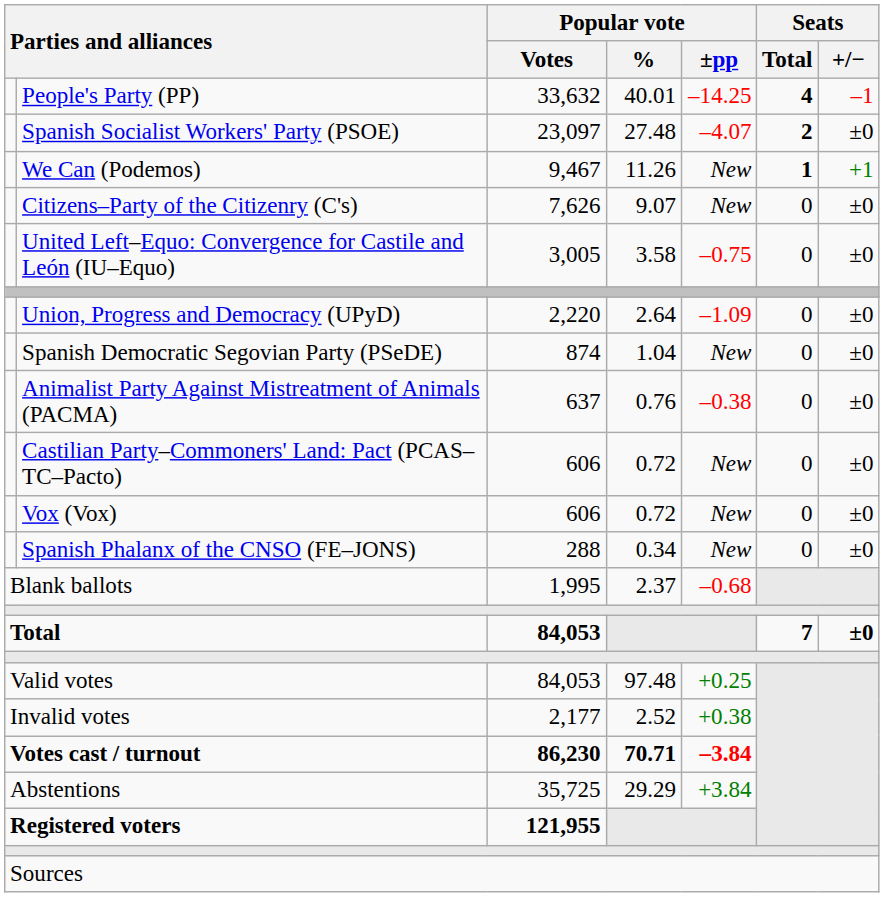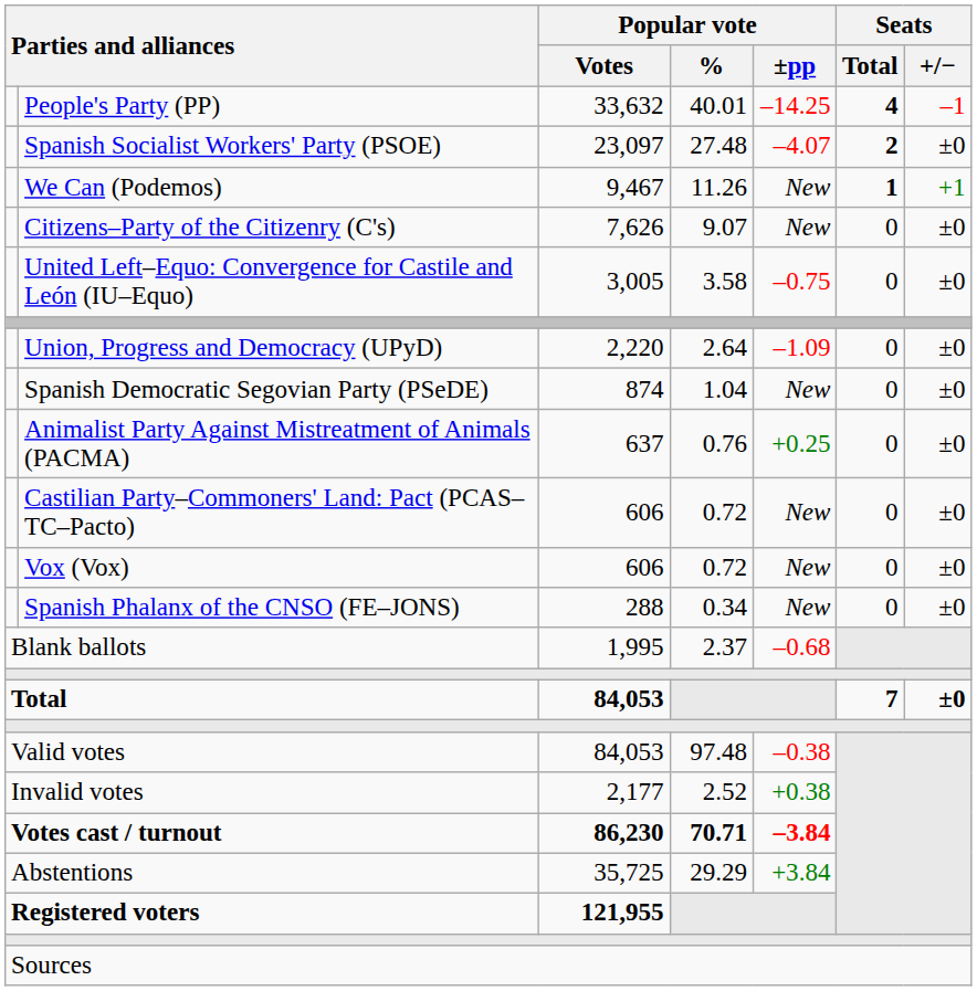 <table class="wikitable" style="text-align:right;">
 <tr>
 <th style="text-align:left;" rowspan="2" colspan="2" width="525">Parties and alliances</th>
 <th colspan="3">Popular vote</th>
 <th colspan="2">Seats</th>
 </tr>
 <tr>
 <th width="75">Votes</th>
 <th width="45">%</th>
 <th width="45">±<a href='#'>pp</a></th>
 <th width="35">Total</th>
 <th width="35">+/−</th>
 </tr>
 <tr>
 <td width="1" style="color:inherit;background:"></td>
 <td align="left"><a href='#'>People's Party</a> (PP)</td>
 <td>33,632</td>
 <td>40.01</td>
 <td style="color:red;">–14.25</td>
 <td><strong>4</strong></td>
 <td style="color:red;">–1</td>
 </tr>
 <tr>
 <td style="color:inherit;background:"></td>
 <td align="left"><a href='#'>Spanish Socialist Workers' Party</a> (PSOE)</td>
 <td>23,097</td>
 <td>27.48</td>
 <td style="color:red;">–4.07</td>
 <td><strong>2</strong></td>
 <td>±0</td>
 </tr>
 <tr>
 <td style="color:inherit;background:"></td>
 <td align="left"><a href='#'>We Can</a> (Podemos)</td>
 <td>9,467</td>
 <td>11.26</td>
 <td><em>New</em></td>
 <td><strong>1</strong></td>
 <td style="color:green;">+1</td>
 </tr>
 <tr>
 <td style="color:inherit;background:"></td>
 <td align="left"><a href='#'>Citizens–Party of the Citizenry</a> (C's)</td>
 <td>7,626</td>
 <td>9.07</td>
 <td><em>New</em></td>
 <td>0</td>
 <td>±0</td>
 </tr>
 <tr>
 <td style="color:inherit;background:"></td>
 <td align="left"><a href='#'>United Left</a>–<a href='#'>Equo: Convergence for Castile and León</a> (IU–Equo)</td>
 <td>3,005</td>
 <td>3.58</td>
 <td style="color:red;">–0.75</td>
 <td>0</td>
 <td>±0</td>
 </tr>
 <tr>
 <td colspan="7" bgcolor="#C0C0C0"></td>
 </tr>
 <tr>
 <td style="color:inherit;background:"></td>
 <td align="left"><a href='#'>Union, Progress and Democracy</a> (UPyD)</td>
 <td>2,220</td>
 <td>2.64</td>
 <td style="color:red;">–1.09</td>
 <td>0</td>
 <td>±0</td>
 </tr>
 <tr>
 <td style="color:inherit;background:"></td>
 <td align="left">Spanish Democratic Segovian Party (PSeDE)</td>
 <td>874</td>
 <td>1.04</td>
 <td><em>New</em></td>
 <td>0</td>
 <td>±0</td>
 </tr>
 <tr>
 <td style="color:inherit;background:"></td>
 <td align="left"><a href='#'>Animalist Party Against Mistreatment of Animals</a> (PACMA)</td>
 <td>637</td>
 <td>0.76</td>
-<td style="color:red;">–0.38</td>
+<td style="color:green;">+0.25</td>
 <td>0</td>
 <td>±0</td>
 </tr>
 <tr>
 <td style="color:inherit;background:"></td>
 <td align="left"><a href='#'>Castilian Party</a>–<a href='#'>Commoners' Land: Pact</a> (PCAS–TC–Pacto)</td>
 <td>606</td>
 <td>0.72</td>
 <td><em>New</em></td>
 <td>0</td>
 <td>±0</td>
 </tr>
 <tr>
 <td style="color:inherit;background:"></td>
 <td align="left"><a href='#'>Vox</a> (Vox)</td>
 <td>606</td>
 <td>0.72</td>
 <td><em>New</em></td>
 <td>0</td>
 <td>±0</td>
 </tr>
 <tr>
 <td style="color:inherit;background:"></td>
 <td align="left"><a href='#'>Spanish Phalanx of the CNSO</a> (FE–JONS)</td>
 <td>288</td>
 <td>0.34</td>
 <td><em>New</em></td>
 <td>0</td>
 <td>±0</td>
 </tr>
 <tr>
 <td align="left" colspan="2">Blank ballots</td>
 <td>1,995</td>
 <td>2.37</td>
 <td style="color:red;">–0.68</td>
 <td bgcolor="#E9E9E9" colspan="2"></td>
 </tr>
 <tr>
 <td colspan="7" bgcolor="#E9E9E9"></td>
 </tr>
 <tr style="font-weight:bold;">
 <td align="left" colspan="2">Total</td>
 <td>84,053</td>
 <td bgcolor="#E9E9E9" colspan="2"></td>
 <td>7</td>
 <td>±0</td>
 </tr>
 <tr>
 <td colspan="7" bgcolor="#E9E9E9"></td>
 </tr>
 <tr>
 <td align="left" colspan="2">Valid votes</td>
 <td>84,053</td>
 <td>97.48</td>
-<td style="color:green;">+0.25</td>
+<td style="color:red;">–0.38</td>
 <td bgcolor="#E9E9E9" colspan="2" rowspan="5"></td>
 </tr>
 <tr>
 <td align="left" colspan="2">Invalid votes</td>
 <td>2,177</td>
 <td>2.52</td>
 <td style="color:green;">+0.38</td>
 </tr>
 <tr style="font-weight:bold;">
 <td align="left" colspan="2">Votes cast / turnout</td>
 <td>86,230</td>
 <td>70.71</td>
 <td style="color:red;">–3.84</td>
 </tr>
 <tr>
 <td align="left" colspan="2">Abstentions</td>
 <td>35,725</td>
 <td>29.29</td>
 <td style="color:green;">+3.84</td>
 </tr>
 <tr style="font-weight:bold;">
 <td align="left" colspan="2">Registered voters</td>
 <td>121,955</td>
 <td bgcolor="#E9E9E9" colspan="2"></td>
 </tr>
 <tr>
 <td colspan="7" bgcolor="#E9E9E9"></td>
 </tr>
 <tr>
 <td align="left" colspan="7">Sources</td>
 </tr>
 </table>
